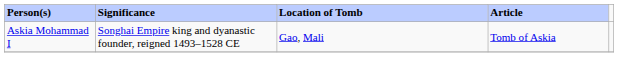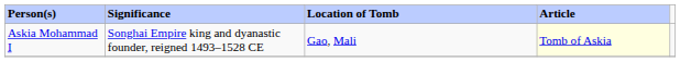 <table class="wikitable" width="100%" border="1" cellspacing="0" cellpadding="2">
 <tr>
 <td width="15%" bgcolor="#bbccff"><strong>Person(s)</strong></td>
 <td width="30%" bgcolor="#bbccff"><strong>Significance</strong></td>
 <td width="35%" bgcolor="#bbccff"><strong>Location of Tomb</strong></td>
 <td width="20%" bgcolor="#bbccff"><strong>Article</strong></td>
 </tr>
 <tr>
 <td><a href='#'>Askia Mohammad I</a></td>
 <td><a href='#'>Songhai Empire</a> king and dyanastic founder, reigned 1493–1528 CE</td>
 <td><a href='#'>Gao</a>, <a href='#'>Mali</a></td>
-<td><a href='#'>Tomb of Askia</a></td>
+<td style="background: lightyellow;"><a href='#'>Tomb of Askia</a></td>
 <td></td>
 </tr>
 <tr>
 </tr>
 </table>
